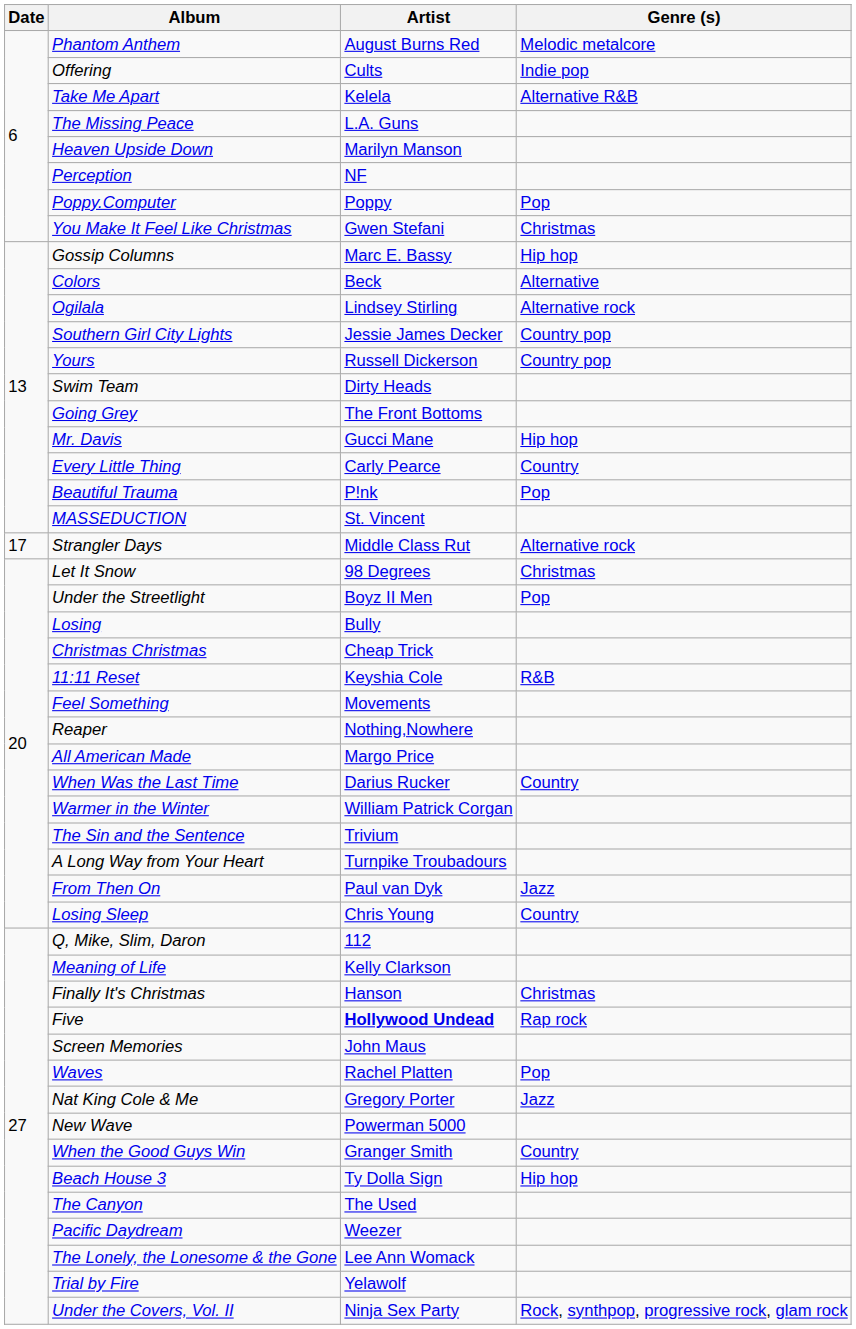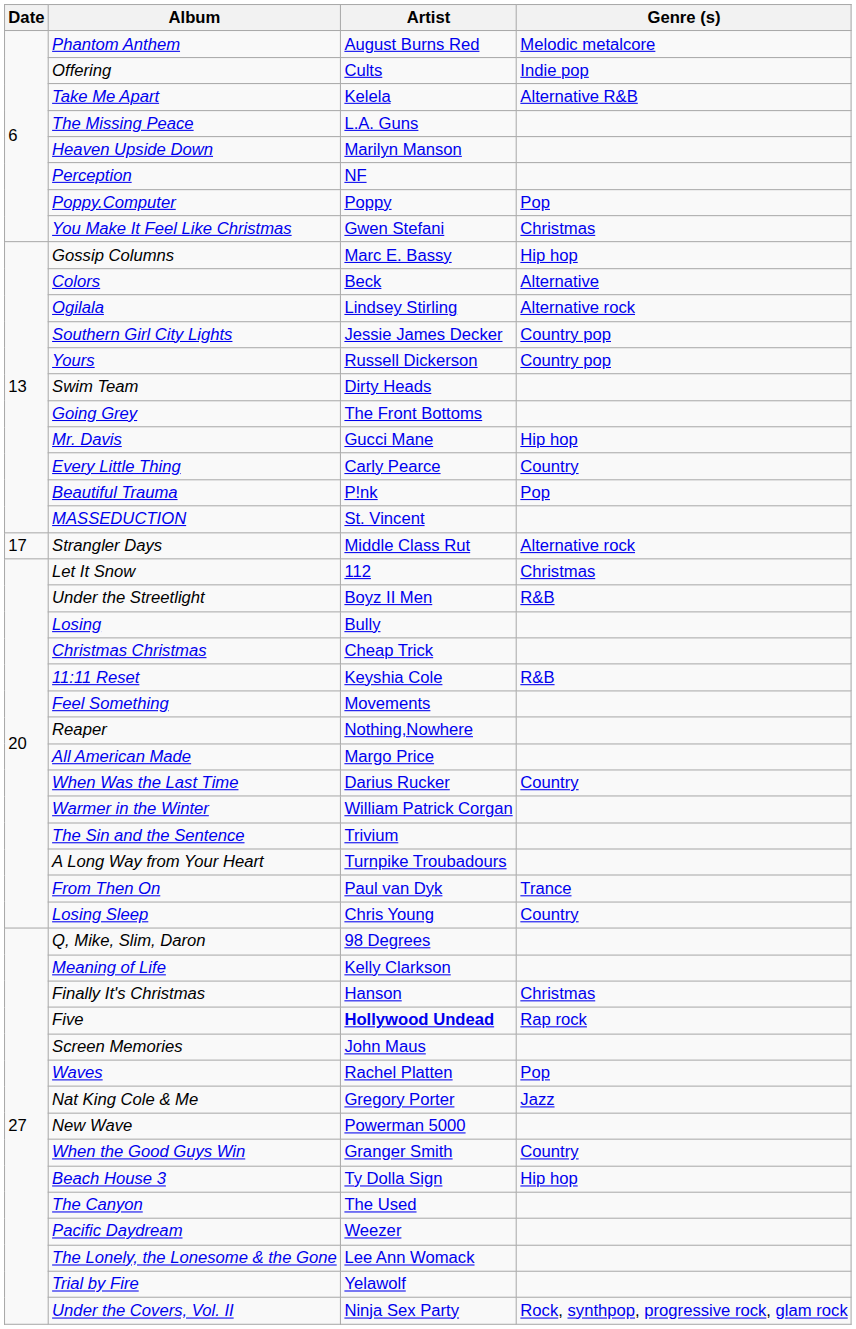 <table class="wikitable">
 <tr>
 <th>Date</th>
 <th>Album</th>
 <th>Artist</th>
 <th>Genre (s)</th>
 </tr>
 <tr>
 <td rowspan="8">6</td>
 <td><em><a href='#'>Phantom Anthem</a></em></td>
 <td><a href='#'>August Burns Red</a></td>
 <td><a href='#'>Melodic metalcore</a></td>
 </tr>
 <tr>
 <td><em>Offering</em></td>
 <td><a href='#'>Cults</a></td>
 <td><a href='#'>Indie pop</a></td>
 </tr>
 <tr>
 <td><em><a href='#'>Take Me Apart</a></em></td>
 <td><a href='#'>Kelela</a></td>
 <td><a href='#'>Alternative R&B</a></td>
 </tr>
 <tr>
 <td><em><a href='#'>The Missing Peace</a></em></td>
 <td><a href='#'>L.A. Guns</a></td>
 <td></td>
 </tr>
 <tr>
 <td><em><a href='#'>Heaven Upside Down</a></em></td>
 <td><a href='#'>Marilyn Manson</a></td>
 <td></td>
 </tr>
 <tr>
 <td><em><a href='#'>Perception</a></em></td>
 <td><a href='#'>NF</a></td>
 <td></td>
 </tr>
 <tr>
 <td><em><a href='#'>Poppy.Computer</a></em></td>
 <td><a href='#'>Poppy</a></td>
 <td><a href='#'>Pop</a></td>
 </tr>
 <tr>
 <td><em><a href='#'>You Make It Feel Like Christmas</a></em></td>
 <td><a href='#'>Gwen Stefani</a></td>
 <td><a href='#'>Christmas</a></td>
 </tr>
 <tr>
 <td rowspan="11">13</td>
 <td><em>Gossip Columns</em></td>
 <td><a href='#'>Marc E. Bassy</a></td>
 <td><a href='#'>Hip hop</a></td>
 </tr>
 <tr>
 <td><em><a href='#'>Colors</a></em></td>
 <td><a href='#'>Beck</a></td>
 <td><a href='#'>Alternative</a></td>
 </tr>
 <tr>
 <td><em><a href='#'>Ogilala</a></em></td>
 <td><a href='#'>Lindsey Stirling</a></td>
 <td><a href='#'>Alternative rock</a></td>
 </tr>
 <tr>
 <td><em><a href='#'>Southern Girl City Lights</a></em></td>
 <td><a href='#'>Jessie James Decker</a></td>
 <td><a href='#'>Country pop</a></td>
 </tr>
 <tr>
 <td><em><a href='#'>Yours</a></em></td>
 <td><a href='#'>Russell Dickerson</a></td>
 <td><a href='#'>Country pop</a></td>
 </tr>
 <tr>
 <td><em>Swim Team</em></td>
 <td><a href='#'>Dirty Heads</a></td>
 <td></td>
 </tr>
 <tr>
 <td><em><a href='#'>Going Grey</a></em></td>
 <td><a href='#'>The Front Bottoms</a></td>
 <td></td>
 </tr>
 <tr>
 <td><em><a href='#'>Mr. Davis</a></em></td>
 <td><a href='#'>Gucci Mane</a></td>
 <td><a href='#'>Hip hop</a></td>
 </tr>
 <tr>
 <td><em><a href='#'>Every Little Thing</a></em></td>
 <td><a href='#'>Carly Pearce</a></td>
 <td><a href='#'>Country</a></td>
 </tr>
 <tr>
 <td><em><a href='#'>Beautiful Trauma</a></em></td>
 <td><a href='#'>P!nk</a></td>
 <td><a href='#'>Pop</a></td>
 </tr>
 <tr>
 <td><em><a href='#'>MASSEDUCTION</a></em></td>
 <td><a href='#'>St. Vincent</a></td>
 <td></td>
 </tr>
 <tr>
 <td>17</td>
 <td><em>Strangler Days</em></td>
 <td><a href='#'>Middle Class Rut</a></td>
 <td><a href='#'>Alternative rock</a></td>
 </tr>
 <tr>
 <td rowspan="14">20</td>
 <td><em>Let It Snow</em></td>
-<td><a href='#'>98 Degrees</a></td>
+<td><a href='#'>112</a></td>
 <td><a href='#'>Christmas</a></td>
 </tr>
 <tr>
 <td><em>Under the Streetlight</em></td>
 <td><a href='#'>Boyz II Men</a></td>
-<td><a href='#'>Pop</a></td>
+<td><a href='#'>R&B</a></td>
 </tr>
 <tr>
 <td><em><a href='#'>Losing</a></em></td>
 <td><a href='#'>Bully</a></td>
 <td></td>
 </tr>
 <tr>
 <td><em><a href='#'>Christmas Christmas</a></em></td>
 <td><a href='#'>Cheap Trick</a></td>
 <td></td>
 </tr>
 <tr>
 <td><em><a href='#'>11:11 Reset</a></em></td>
 <td><a href='#'>Keyshia Cole</a></td>
 <td><a href='#'>R&B</a></td>
 </tr>
 <tr>
 <td><em><a href='#'>Feel Something</a></em></td>
 <td><a href='#'>Movements</a></td>
 <td></td>
 </tr>
 <tr>
 <td><em>Reaper</em></td>
 <td><a href='#'>Nothing,Nowhere</a></td>
 <td></td>
 </tr>
 <tr>
 <td><em><a href='#'>All American Made</a></em></td>
 <td><a href='#'>Margo Price</a></td>
 <td></td>
 </tr>
 <tr>
 <td><em><a href='#'>When Was the Last Time</a></em></td>
 <td><a href='#'>Darius Rucker</a></td>
 <td><a href='#'>Country</a></td>
 </tr>
 <tr>
 <td><em><a href='#'>Warmer in the Winter</a></em></td>
 <td><a href='#'>William Patrick Corgan</a></td>
 <td></td>
 </tr>
 <tr>
 <td><em><a href='#'>The Sin and the Sentence</a></em></td>
 <td><a href='#'>Trivium</a></td>
 <td></td>
 </tr>
 <tr>
 <td><em>A Long Way from Your Heart</em></td>
 <td><a href='#'>Turnpike Troubadours</a></td>
 <td></td>
 </tr>
 <tr>
 <td><em><a href='#'>From Then On</a></em></td>
 <td><a href='#'>Paul van Dyk</a></td>
-<td><a href='#'>Jazz</a></td>
+<td><a href='#'>Trance</a></td>
 </tr>
 <tr>
 <td><em><a href='#'>Losing Sleep</a></em></td>
 <td><a href='#'>Chris Young</a></td>
 <td><a href='#'>Country</a></td>
 </tr>
 <tr>
 <td rowspan="15">27</td>
 <td><em>Q, Mike, Slim, Daron</em></td>
-<td><a href='#'>112</a></td>
+<td><a href='#'>98 Degrees</a></td>
 <td></td>
 </tr>
 <tr>
 <td><em><a href='#'>Meaning of Life</a></em></td>
 <td><a href='#'>Kelly Clarkson</a></td>
 <td></td>
 </tr>
 <tr>
 <td><em>Finally It's Christmas</em></td>
 <td><a href='#'>Hanson</a></td>
 <td><a href='#'>Christmas</a></td>
 </tr>
 <tr>
 <td><em>Five</em></td>
 <td><strong><a href='#'>Hollywood Undead</a></strong></td>
 <td><a href='#'>Rap rock</a></td>
 </tr>
 <tr>
 <td><em>Screen Memories</em></td>
 <td><a href='#'>John Maus</a></td>
 <td></td>
 </tr>
 <tr>
 <td><em><a href='#'>Waves</a></em></td>
 <td><a href='#'>Rachel Platten</a></td>
 <td><a href='#'>Pop</a></td>
 </tr>
 <tr>
 <td><em>Nat King Cole & Me</em></td>
 <td><a href='#'>Gregory Porter</a></td>
 <td><a href='#'>Jazz</a></td>
 </tr>
 <tr>
 <td><em>New Wave</em></td>
 <td><a href='#'>Powerman 5000</a></td>
 <td></td>
 </tr>
 <tr>
 <td><em><a href='#'>When the Good Guys Win</a></em></td>
 <td><a href='#'>Granger Smith</a></td>
 <td><a href='#'>Country</a></td>
 </tr>
 <tr>
 <td><em><a href='#'>Beach House 3</a></em></td>
 <td><a href='#'>Ty Dolla Sign</a></td>
 <td><a href='#'>Hip hop</a></td>
 </tr>
 <tr>
 <td><em><a href='#'>The Canyon</a></em></td>
 <td><a href='#'>The Used</a></td>
 <td></td>
 </tr>
 <tr>
 <td><em><a href='#'>Pacific Daydream</a></em></td>
 <td><a href='#'>Weezer</a></td>
 <td></td>
 </tr>
 <tr>
 <td><em><a href='#'>The Lonely, the Lonesome & the Gone</a></em></td>
 <td><a href='#'>Lee Ann Womack</a></td>
 <td></td>
 </tr>
 <tr>
 <td><em><a href='#'>Trial by Fire</a></em></td>
 <td><a href='#'>Yelawolf</a></td>
 <td></td>
 </tr>
 <tr>
 <td><em><a href='#'>Under the Covers, Vol. II</a></em></td>
 <td><a href='#'>Ninja Sex Party</a></td>
 <td><a href='#'>Rock</a>, <a href='#'>synthpop</a>, <a href='#'>progressive rock</a>, <a href='#'>glam rock</a></td>
 </tr>
 </table>
